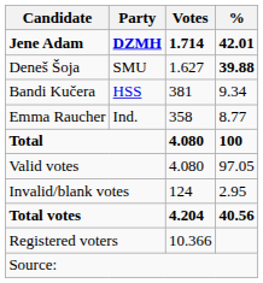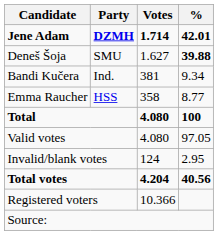 <table class="wikitable" style="text-align: left;">
 <tr>
 <th>Candidate</th>
 <th>Party</th>
 <th>Votes</th>
 <th>%</th>
 </tr>
 <tr>
 <td><strong>Jene Adam</strong></td>
 <td><a href='#'><strong>DZMH</strong></a></td>
 <td><strong>1.714</strong></td>
 <td><strong>42.01</strong></td>
 </tr>
 <tr>
 <td>Deneš Šoja</td>
 <td>SMU</td>
 <td>1.627</td>
 <td><strong>39.88</strong></td>
 </tr>
 <tr>
 <td>Bandi Kučera</td>
-<td><a href='#'>HSS</a></td>
+<td>Ind.</td>
 <td>381</td>
 <td>9.34</td>
 </tr>
 <tr>
 <td>Emma Raucher</td>
-<td>Ind.</td>
+<td><a href='#'>HSS</a></td>
 <td>358</td>
 <td>8.77</td>
 </tr>
 <tr>
 <td colspan="2"><strong>Total</strong></td>
 <td><strong>4.080</strong></td>
 <td><strong>100</strong></td>
 </tr>
 <tr>
 <td colspan="2">Valid votes</td>
 <td>4.080</td>
 <td>97.05</td>
 </tr>
 <tr>
 <td colspan="2">Invalid/blank votes</td>
 <td>124</td>
 <td>2.95</td>
 </tr>
 <tr>
 <td colspan="2"><strong>Total votes</strong></td>
 <td><strong>4.204</strong></td>
 <td><strong>40.56</strong></td>
 </tr>
 <tr>
 <td colspan="2">Registered voters</td>
 <td>10.366</td>
 <td></td>
 </tr>
 <tr>
 <td colspan="4">Source: </td>
 </tr>
 </table>
